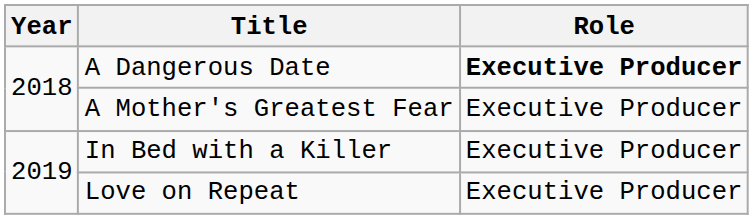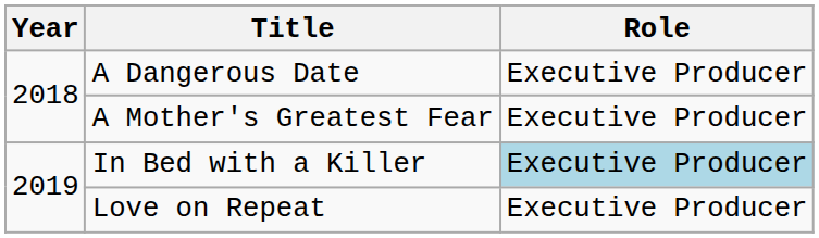 <table class="wikitable">
 <tr>
 <th>Year</th>
 <th>Title</th>
 <th>Role</th>
 </tr>
 <tr>
 <td rowspan="2">2018</td>
 <td>A Dangerous Date</td>
-<td><strong>Executive Producer</strong></td>
+<td>Executive Producer</td>
 </tr>
 <tr>
 <td>A Mother's Greatest Fear</td>
 <td>Executive Producer</td>
 </tr>
 <tr>
 <td rowspan="2">2019</td>
 <td>In Bed with a Killer</td>
-<td>Executive Producer</td>
+<td style="background: lightblue;">Executive Producer</td>
 </tr>
 <tr>
 <td>Love on Repeat</td>
 <td>Executive Producer</td>
 </tr>
 </table>
